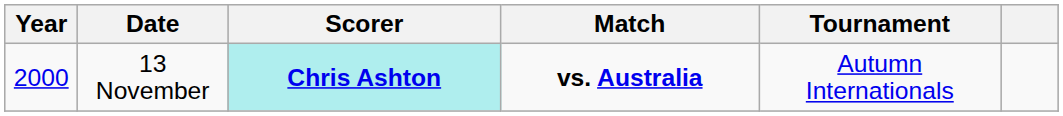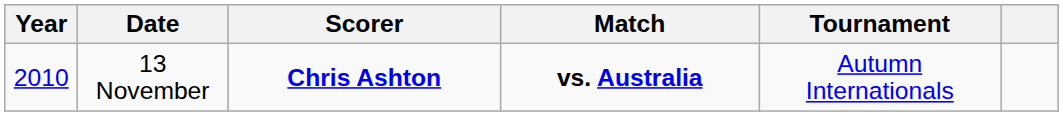 <table class="wikitable" style="text-align:center;">
 <tr>
 <th width=40>Year</th>
 <th width=90>Date</th>
 <th width=170>Scorer</th>
 <th width=160>Match</th>
 <th width=150>Tournament</th>
 <th width=30></th>
 </tr>
 <tr>
-<td><a href='#'>2000</a></td>
+<td><a href='#'>2010</a></td>
 <td>13 November</td>
-<td style="background: paleturquoise;"><strong><a href='#'>Chris Ashton</a></strong></td>
+<td><strong><a href='#'>Chris Ashton</a></strong></td>
 <td><strong>vs. <a href='#'>Australia</a></strong></td>
 <td><a href='#'>Autumn Internationals</a></td>
 <td></td>
 </tr>
 </table>
